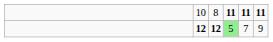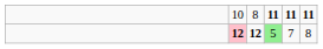 <table class="wikitable">
 <tr>
 <td style="width:18em"><strong></strong></td>
 <td align=center style="width:1em">10</td>
 <td align=center style="width:1em">8</td>
 <td align=center style="width:1em"><strong>11</strong></td>
 <td align=center style="width:1em"><strong>11</strong></td>
 <td align=center style="width:1em"><strong>11</strong></td>
 </tr>
 <tr>
 <td style="width:18em"></td>
-<td align=center style="width:1em"><strong>12</strong></td>
+<td align=center style="background: pink; width:1em"><strong>12</strong></td>
 <td align=center style="width:1em"><strong>12</strong></td>
 <td align=center style="background: lightgreen; width:1em">5</td>
 <td align=center style="width:1em">7</td>
-<td align=center style="width:1em">9</td>
+<td align=center style="width:1em">8</td>
 </tr>
 </table>
